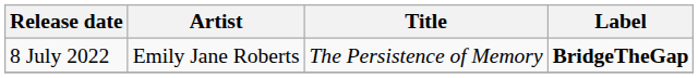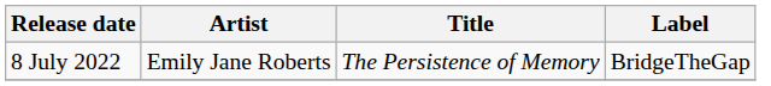 <table class="wikitable">
 <tr>
 <th>Release date</th>
 <th>Artist</th>
 <th>Title</th>
 <th>Label</th>
 </tr>
 <tr>
 <td>8 July 2022</td>
 <td>Emily Jane Roberts</td>
 <td><em>The Persistence of Memory</em></td>
-<td><strong>BridgeTheGap</strong></td>
+<td>BridgeTheGap</td>
 </tr>
 <tr>
 </tr>
 </table>
